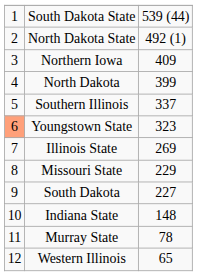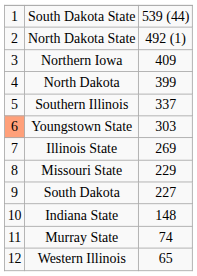 <table class="wikitable" style="display: inline-table;">
 <tr align="center">
 </tr>
 <tr align="center">
 <td>1</td>
 <td>South Dakota State</td>
 <td>539 (44)</td>
 </tr>
 <tr align="center">
 <td>2</td>
 <td>North Dakota State</td>
 <td>492 (1)</td>
 </tr>
 <tr align="center">
 <td>3</td>
 <td>Northern Iowa</td>
 <td>409</td>
 </tr>
 <tr align="center">
 <td>4</td>
 <td>North Dakota</td>
 <td>399</td>
 </tr>
 <tr align="center">
 <td>5</td>
 <td>Southern Illinois</td>
 <td>337</td>
 </tr>
 <tr align="center">
 <td style="background: lightsalmon;">6</td>
 <td>Youngstown State</td>
-<td>323</td>
+<td>303</td>
 </tr>
 <tr align="center">
 <td>7</td>
 <td>Illinois State</td>
 <td>269</td>
 </tr>
 <tr align="center">
 <td>8</td>
 <td>Missouri State</td>
 <td>229</td>
 </tr>
 <tr align="center">
 <td>9</td>
 <td>South Dakota</td>
 <td>227</td>
 </tr>
 <tr align="center">
 <td>10</td>
 <td>Indiana State</td>
 <td>148</td>
 </tr>
 <tr align="center">
 <td>11</td>
 <td>Murray State</td>
-<td>78</td>
+<td>74</td>
 </tr>
 <tr align="center">
 <td>12</td>
 <td>Western Illinois</td>
 <td>65</td>
 </tr>
 </table>
